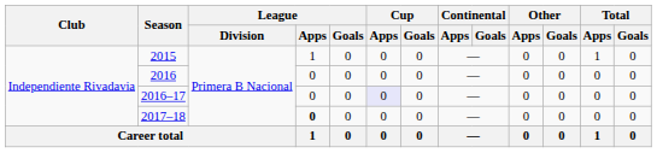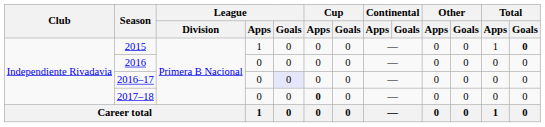 <table class="wikitable" style="text-align:center">
 <tr>
 <th rowspan="2">Club</th>
 <th rowspan="2">Season</th>
 <th colspan="3">League</th>
 <th colspan="2">Cup</th>
 <th colspan="2">Continental</th>
 <th colspan="2">Other</th>
 <th colspan="2">Total</th>
 </tr>
 <tr>
 <th>Division</th>
 <th>Apps</th>
 <th>Goals</th>
 <th>Apps</th>
 <th>Goals</th>
 <th>Apps</th>
 <th>Goals</th>
 <th>Apps</th>
 <th>Goals</th>
 <th>Apps</th>
 <th>Goals</th>
 </tr>
 <tr>
 <td rowspan="4"><a href='#'>Independiente Rivadavia</a></td>
 <td><a href='#'>2015</a></td>
 <td rowspan="4"><a href='#'>Primera B Nacional</a></td>
 <td>1</td>
 <td>0</td>
 <td>0</td>
 <td>0</td>
 <td colspan="2">—</td>
 <td>0</td>
 <td>0</td>
 <td>1</td>
-<td>0</td>
+<td><strong>0</strong></td>
 </tr>
 <tr>
 <td><a href='#'>2016</a></td>
 <td>0</td>
 <td>0</td>
 <td>0</td>
 <td>0</td>
 <td colspan="2">—</td>
 <td>0</td>
 <td>0</td>
 <td>0</td>
 <td>0</td>
 </tr>
 <tr>
 <td><a href='#'>2016–17</a></td>
 <td>0</td>
+<td style="background: lavender;">0</td>
 <td>0</td>
-<td style="background: lavender;">0</td>
 <td>0</td>
 <td colspan="2">—</td>
 <td>0</td>
 <td>0</td>
 <td>0</td>
 <td>0</td>
 </tr>
 <tr>
 <td><a href='#'>2017–18</a></td>
-<td><strong>0</strong></td>
 <td>0</td>
 <td>0</td>
+<td><strong>0</strong></td>
 <td>0</td>
 <td colspan="2">—</td>
 <td>0</td>
 <td>0</td>
 <td>0</td>
 <td>0</td>
 </tr>
 <tr>
 <th colspan="3">Career total</th>
 <th>1</th>
 <th>0</th>
 <th>0</th>
 <th>0</th>
 <th colspan="2">—</th>
 <th>0</th>
 <th>0</th>
 <th>1</th>
 <th>0</th>
 </tr>
 </table>
